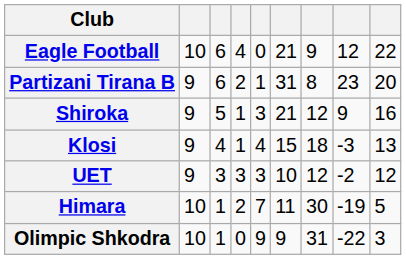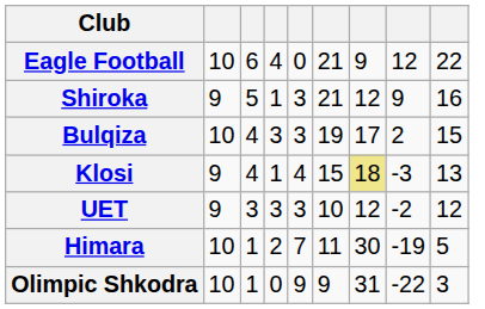 <table class="wikitable sortable nowrap" style="text align: center; font size: smaller;" |>
 <tr>
 <th>Club</th>
 <th></th>
 <th></th>
 <th></th>
 <th></th>
 <th></th>
 <th></th>
 <th></th>
 <th></th>
 </tr>
 <tr>
 <th><a href='#'>Eagle Football</a></th>
 <td>10</td>
 <td>6</td>
 <td>4</td>
 <td>0</td>
 <td>21</td>
 <td>9</td>
 <td>12</td>
 <td>22</td>
 </tr>
 <tr>
-<th><a href='#'>Partizani Tirana B</a></th>
-<td>9</td>
-<td>6</td>
-<td>2</td>
-<td>1</td>
-<td>31</td>
-<td>8</td>
-<td>23</td>
-<td>20</td>
-</tr>
-<tr>
 <th><a href='#'>Shiroka</a></th>
 <td>9</td>
 <td>5</td>
 <td>1</td>
 <td>3</td>
 <td>21</td>
 <td>12</td>
 <td>9</td>
 <td>16</td>
 </tr>
 <tr>
+<th><a href='#'>Bulqiza</a></th>
+<td>10</td>
+<td>4</td>
+<td>3</td>
+<td>3</td>
+<td>19</td>
+<td>17</td>
+<td>2</td>
+<td>15</td>
+</tr>
+<tr>
 <th><a href='#'>Klosi</a></th>
 <td>9</td>
 <td>4</td>
 <td>1</td>
 <td>4</td>
 <td>15</td>
-<td>18</td>
+<td style="background: khaki;">18</td>
 <td>-3</td>
 <td>13</td>
 </tr>
 <tr>
 <th><a href='#'>UET</a></th>
 <td>9</td>
 <td>3</td>
 <td>3</td>
 <td>3</td>
 <td>10</td>
 <td>12</td>
 <td>-2</td>
 <td>12</td>
 </tr>
 <tr>
 <th><a href='#'>Himara</a></th>
 <td>10</td>
 <td>1</td>
 <td>2</td>
 <td>7</td>
 <td>11</td>
 <td>30</td>
 <td>-19</td>
 <td>5</td>
 </tr>
 <tr>
 <th>Olimpic Shkodra</th>
 <td>10</td>
 <td>1</td>
 <td>0</td>
 <td>9</td>
 <td>9</td>
 <td>31</td>
 <td>-22</td>
 <td>3</td>
 </tr>
 </table>
